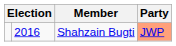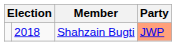 <table class="wikitable">
 <tr>
 <th colspan="2">Election</th>
 <th>Member</th>
 <th>Party</th>
 </tr>
 <tr>
 <td style="background-color: "></td>
-<td><a href='#'>2016</a></td>
+<td><a href='#'>2018</a></td>
 <td><a href='#'>Shahzain Bugti</a></td>
 <td style="background: lightsalmon;"><a href='#'>JWP</a></td>
 </tr>
 </table>
